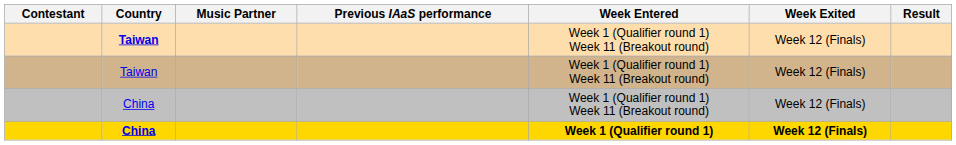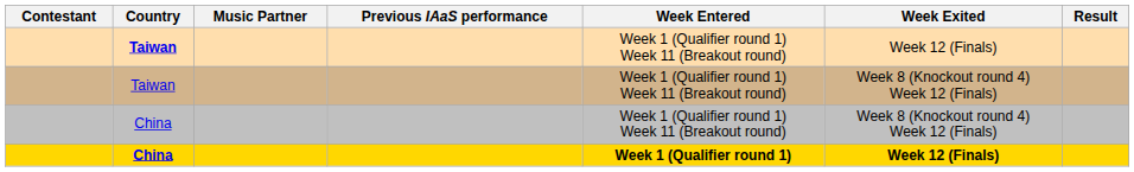 <table class="wikitable sortable" style="width:100%; text-align:center;">
 <tr>
 <th>Contestant</th>
 <th>Country</th>
 <th>Music Partner</th>
 <th>Previous <em>IAaS</em> performance</th>
 <th>Week Entered</th>
 <th>Week Exited</th>
 <th>Result</th>
 </tr>
 <tr bgcolor=NavajoWhite>
 <td></td>
 <td><strong><a href='#'>Taiwan</a></strong></td>
 <td></td>
 <td></td>
 <td>Week 1 (Qualifier round 1)<br>Week 11 (Breakout round)</td>
 <td>Week 12 (Finals)</td>
 <td></td>
 </tr>
 <tr bgcolor=tan>
 <td></td>
 <td><a href='#'>Taiwan</a></td>
 <td></td>
 <td></td>
 <td>Week 1 (Qualifier round 1)<br>Week 11 (Breakout round)</td>
-<td>Week 12 (Finals)</td>
+<td>Week 8 (Knockout round 4)<br>Week 12 (Finals)</td>
 <td></td>
 </tr>
 <tr bgcolor=silver>
 <td></td>
 <td><a href='#'>China</a></td>
 <td></td>
 <td></td>
 <td>Week 1 (Qualifier round 1)<br>Week 11 (Breakout round)</td>
-<td>Week 12 (Finals)</td>
+<td>Week 8 (Knockout round 4)<br>Week 12 (Finals)</td>
 <td></td>
 </tr>
 <tr bgcolor=gold>
 <td></td>
 <td><strong><a href='#'>China</a></strong></td>
 <td></td>
 <td></td>
 <td><strong>Week 1 (Qualifier round 1)</strong></td>
 <td><strong>Week 12 (Finals)</strong></td>
 <td></td>
 </tr>
 </table>
